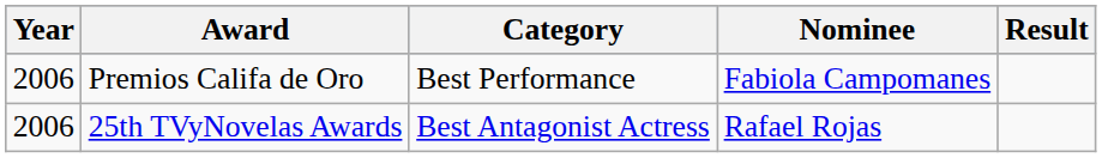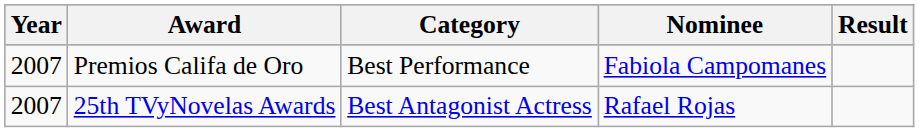 <table class="wikitable">
 <tr style="background:#b0c4de;">
 <th>Year</th>
 <th>Award</th>
 <th>Category</th>
 <th>Nominee</th>
 <th>Result</th>
 </tr>
 <tr>
-<td>2006</td>
+<td>2007</td>
 <td>Premios Califa de Oro</td>
 <td>Best Performance</td>
 <td><a href='#'>Fabiola Campomanes</a></td>
 <td></td>
 </tr>
 <tr>
-<td>2006</td>
+<td>2007</td>
 <td><a href='#'>25th TVyNovelas Awards</a></td>
 <td><a href='#'>Best Antagonist Actress</a></td>
 <td><a href='#'>Rafael Rojas</a></td>
 <td></td>
 </tr>
 </table>
